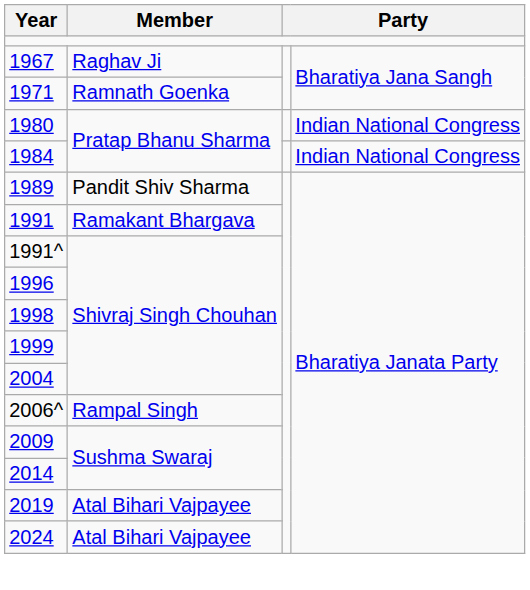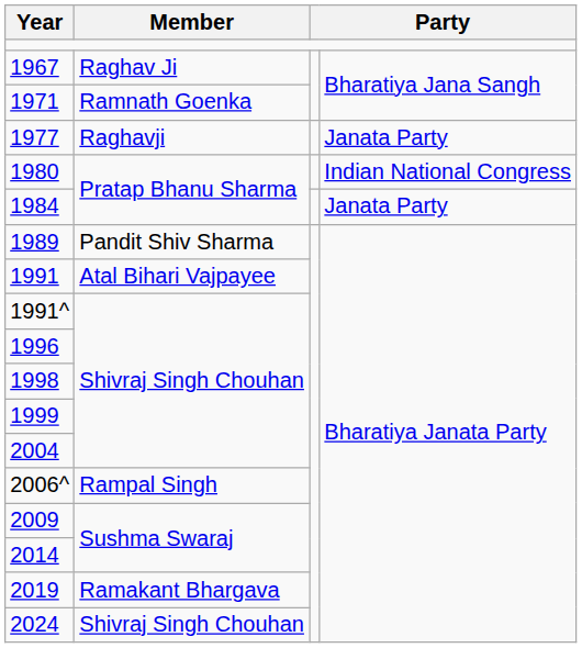 <table class="wikitable">
 <tr>
 <th>Year</th>
 <th>Member</th>
 <th colspan="2">Party</th>
 </tr>
 <tr>
 <td colspan="4"></td>
 </tr>
 <tr>
 <td><a href='#'>1967</a></td>
 <td><a href='#'>Raghav Ji</a></td>
 <td rowspan="2" style="background-color: "></td>
 <td rowspan="2"><a href='#'>Bharatiya Jana Sangh</a></td>
 </tr>
 <tr>
 <td><a href='#'>1971</a></td>
 <td><a href='#'>Ramnath Goenka</a></td>
 </tr>
 <tr>
+<td><a href='#'>1977</a></td>
+<td><a href='#'>Raghavji</a></td>
+<td style="background-color: "></td>
+<td><a href='#'>Janata Party</a></td>
+</tr>
+<tr>
 <td><a href='#'>1980</a></td>
 <td rowspan="2"><a href='#'>Pratap Bhanu Sharma</a></td>
 <td style="background-color: "></td>
 <td><a href='#'>Indian National Congress</a></td>
 </tr>
 <tr>
 <td><a href='#'>1984</a></td>
 <td style="background-color: "></td>
-<td><a href='#'>Indian National Congress</a></td>
+<td><a href='#'>Janata Party</a></td>
 </tr>
 <tr>
 <td><a href='#'>1989</a></td>
 <td>Pandit Shiv Sharma</td>
 <td rowspan="12" style="background-color: "></td>
 <td rowspan="12"><a href='#'>Bharatiya Janata Party</a></td>
 </tr>
 <tr>
 <td><a href='#'>1991</a></td>
-<td><a href='#'>Ramakant Bhargava</a></td>
+<td><a href='#'>Atal Bihari Vajpayee</a></td>
 </tr>
 <tr>
 <td>1991^</td>
 <td rowspan="5"><a href='#'>Shivraj Singh Chouhan</a></td>
 </tr>
 <tr>
 <td><a href='#'>1996</a></td>
 </tr>
 <tr>
 <td><a href='#'>1998</a></td>
 </tr>
 <tr>
 <td><a href='#'>1999</a></td>
 </tr>
 <tr>
 <td><a href='#'>2004</a></td>
 </tr>
 <tr>
 <td>2006^</td>
 <td><a href='#'>Rampal Singh</a></td>
 </tr>
 <tr>
 <td><a href='#'>2009</a></td>
 <td rowspan="2"><a href='#'>Sushma Swaraj</a></td>
 </tr>
 <tr>
 <td><a href='#'>2014</a></td>
 </tr>
 <tr>
 <td><a href='#'>2019</a></td>
-<td><a href='#'>Atal Bihari Vajpayee</a></td>
+<td><a href='#'>Ramakant Bhargava</a></td>
 </tr>
 <tr>
 <td><a href='#'>2024</a></td>
-<td><a href='#'>Atal Bihari Vajpayee</a></td>
+<td><a href='#'>Shivraj Singh Chouhan</a></td>
 </tr>
 </table>
